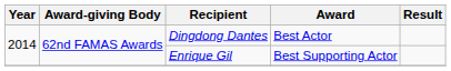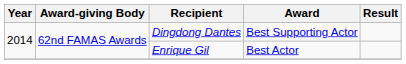 <table class="wikitable">
 <tr>
 <th>Year</th>
 <th>Award-giving Body</th>
 <th>Recipient</th>
 <th>Award</th>
 <th>Result</th>
 </tr>
 <tr>
 <td rowspan="2">2014</td>
 <td rowspan="2"><a href='#'>62nd FAMAS Awards</a></td>
 <td><em><a href='#'>Dingdong Dantes</a></em></td>
-<td><a href='#'>Best Actor</a></td>
+<td><a href='#'>Best Supporting Actor</a></td>
 <td></td>
 </tr>
 <tr>
 <td><em><a href='#'>Enrique Gil</a></em></td>
-<td><a href='#'>Best Supporting Actor</a></td>
+<td><a href='#'>Best Actor</a></td>
 <td></td>
 </tr>
 <tr>
 </tr>
 </table>
